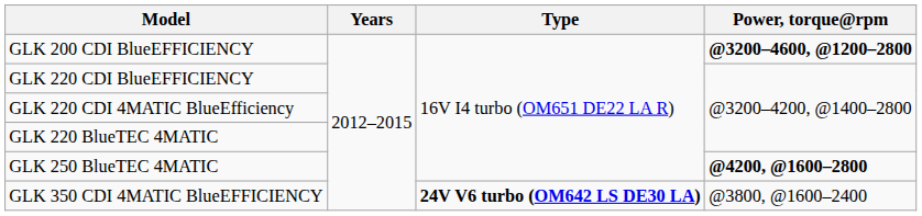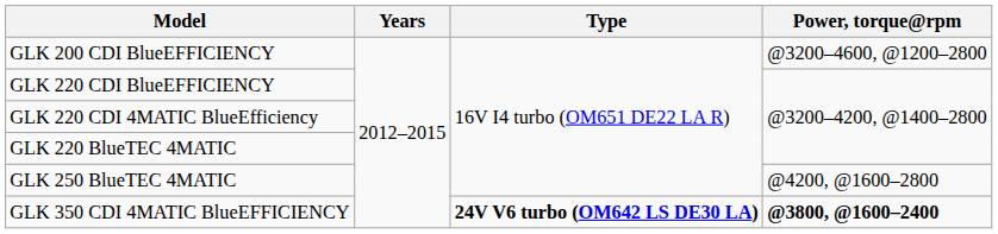 <table class="wikitable collapsible sortable" style="font-size:95%;">
 <tr>
 <th>Model</th>
 <th>Years</th>
 <th>Type</th>
 <th>Power, torque@rpm</th>
 </tr>
 <tr>
 <td>GLK 200 CDI BlueEFFICIENCY</td>
 <td rowspan="6">2012–2015</td>
 <td rowspan="5"> 16V I4 turbo (<a href='#'>OM651 DE22 LA R</a>)</td>
-<td><strong>@3200–4600, @1200–2800</strong></td>
+<td>@3200–4600, @1200–2800</td>
 </tr>
 <tr>
 <td>GLK 220 CDI BlueEFFICIENCY</td>
 <td rowspan="3">@3200–4200, @1400–2800</td>
 </tr>
 <tr>
 <td>GLK 220 CDI 4MATIC BlueEfficiency</td>
 </tr>
 <tr>
 <td>GLK 220 BlueTEC 4MATIC</td>
 </tr>
 <tr>
 <td>GLK 250 BlueTEC 4MATIC</td>
-<td><strong>@4200, @1600–2800</strong></td>
+<td>@4200, @1600–2800</td>
 </tr>
 <tr>
 <td>GLK 350 CDI 4MATIC BlueEFFICIENCY</td>
 <td><strong> 24V V6 turbo (<a href='#'>OM642 LS DE30 LA</a>)</strong></td>
-<td>@3800, @1600–2400</td>
+<td><strong>@3800, @1600–2400</strong></td>
 </tr>
 </table>
